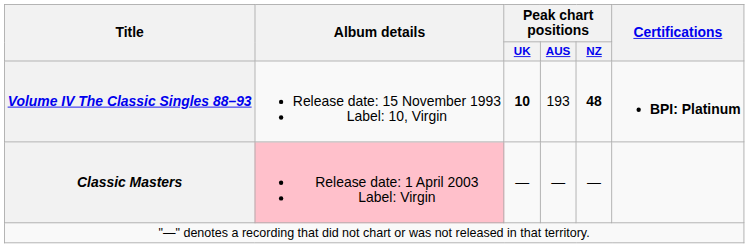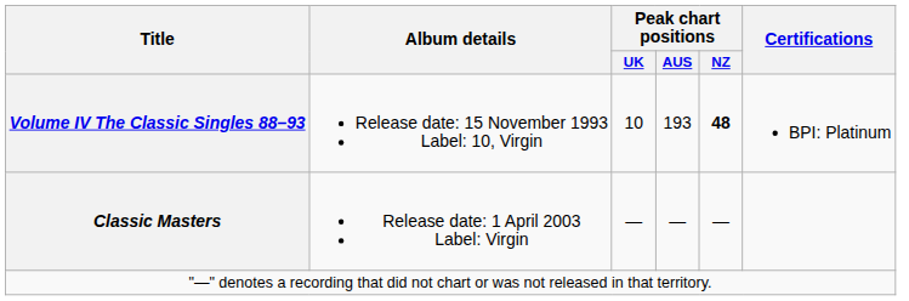 <table class="wikitable plainrowheaders" style="text-align:center;">
 <tr>
 <th rowspan="2">Title</th>
 <th rowspan="2">Album details</th>
 <th colspan="3">Peak chart positions</th>
 <th rowspan="2"><a href='#'>Certifications</a></th>
 </tr>
 <tr style="font-size:smaller;">
 <th width="35"><a href='#'>UK</a><br></th>
 <th width="35"><a href='#'>AUS</a><br></th>
 <th width="35"><a href='#'>NZ</a><br></th>
 </tr>
 <tr>
 <th scope="row"><em><a href='#'>Volume IV The Classic Singles 88–93</a></em></th>
 <td><br><ul><li>Release date: 15 November 1993</li><li>Label: 10, Virgin</li></ul></td>
-<td><strong>10</strong></td>
+<td>10</td>
 <td>193</td>
 <td><strong>48</strong></td>
-<td><strong><br><ul><li>BPI: Platinum</li></ul></strong></td>
+<td><br><ul><li>BPI: Platinum</li></ul></td>
 </tr>
 <tr>
 <th scope="row"><em>Classic Masters</em></th>
-<td style="background: pink;"><br><ul><li>Release date: 1 April 2003</li><li>Label: Virgin</li></ul></td>
+<td><br><ul><li>Release date: 1 April 2003</li><li>Label: Virgin</li></ul></td>
 <td>—</td>
 <td>—</td>
 <td>—</td>
 <td></td>
 </tr>
 <tr>
 <td colspan="15" style="font-size:90%">"—" denotes a recording that did not chart or was not released in that territory.</td>
 </tr>
 </table>
